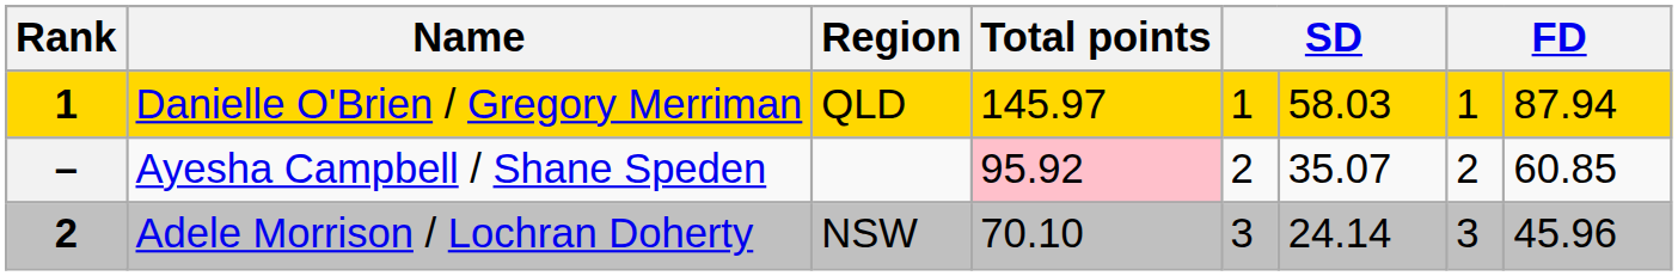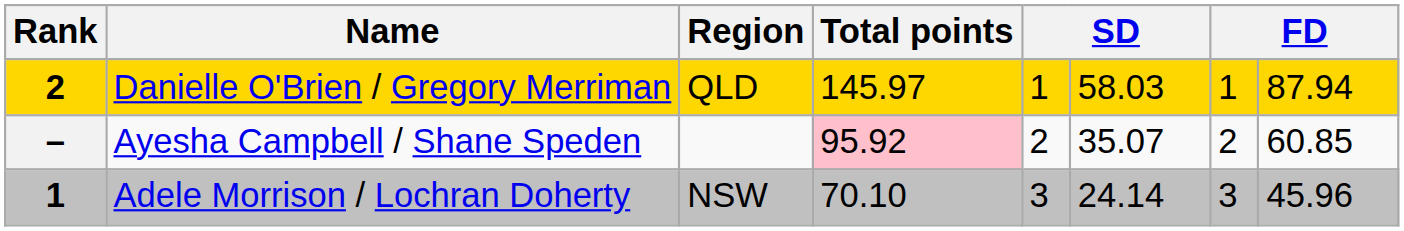 <table class="wikitable sortable">
 <tr>
 <th>Rank</th>
 <th>Name</th>
 <th>Region</th>
 <th>Total points</th>
 <th colspan="2" width="80px"><a href='#'>SD</a></th>
 <th colspan="2" width="80px"><a href='#'>FD</a></th>
 </tr>
 <tr bgcolor="gold">
-<td align="center"><strong>1</strong></td>
+<td align="center"><strong>2</strong></td>
 <td><a href='#'>Danielle O'Brien</a> / <a href='#'>Gregory Merriman</a></td>
 <td>QLD</td>
 <td>145.97</td>
 <td>1</td>
 <td>58.03</td>
 <td>1</td>
 <td>87.94</td>
 </tr>
 <tr>
 <th>–</th>
 <td><a href='#'>Ayesha Campbell</a> / <a href='#'>Shane Speden</a></td>
 <td></td>
 <td style="background: pink;">95.92</td>
 <td>2</td>
 <td>35.07</td>
 <td>2</td>
 <td>60.85</td>
 </tr>
 <tr bgcolor="silver">
-<td align="center"><strong>2</strong></td>
+<td align="center"><strong>1</strong></td>
 <td><a href='#'>Adele Morrison</a> / <a href='#'>Lochran Doherty</a></td>
 <td>NSW</td>
 <td>70.10</td>
 <td>3</td>
 <td>24.14</td>
 <td>3</td>
 <td>45.96</td>
 </tr>
 </table>
